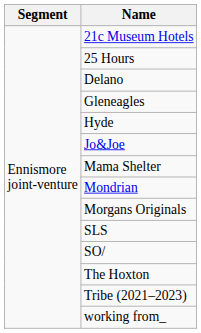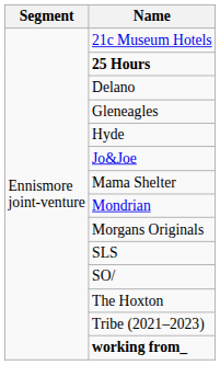 <table class="wikitable">
 <tr>
 <th>Segment</th>
 <th>Name</th>
 </tr>
 <tr>
 <td rowspan="14">Ennismore<br>joint-venture</td>
 <td><a href='#'>21c Museum Hotels</a></td>
 </tr>
 <tr>
-<td>25 Hours</td>
+<td><strong>25 Hours</strong></td>
 </tr>
 <tr>
 <td>Delano</td>
 </tr>
 <tr>
 <td>Gleneagles</td>
 </tr>
 <tr>
 <td>Hyde</td>
 </tr>
 <tr>
 <td><a href='#'>Jo&Joe</a></td>
 </tr>
 <tr>
 <td>Mama Shelter</td>
 </tr>
 <tr>
 <td><a href='#'>Mondrian</a></td>
 </tr>
 <tr>
 <td>Morgans Originals</td>
 </tr>
 <tr>
 <td>SLS</td>
 </tr>
 <tr>
 <td>SO/</td>
 </tr>
 <tr>
 <td>The Hoxton</td>
 </tr>
 <tr>
 <td>Tribe (2021–2023)</td>
 </tr>
 <tr>
-<td>working from_</td>
+<td><strong>working from_</strong></td>
 </tr>
 </table>
